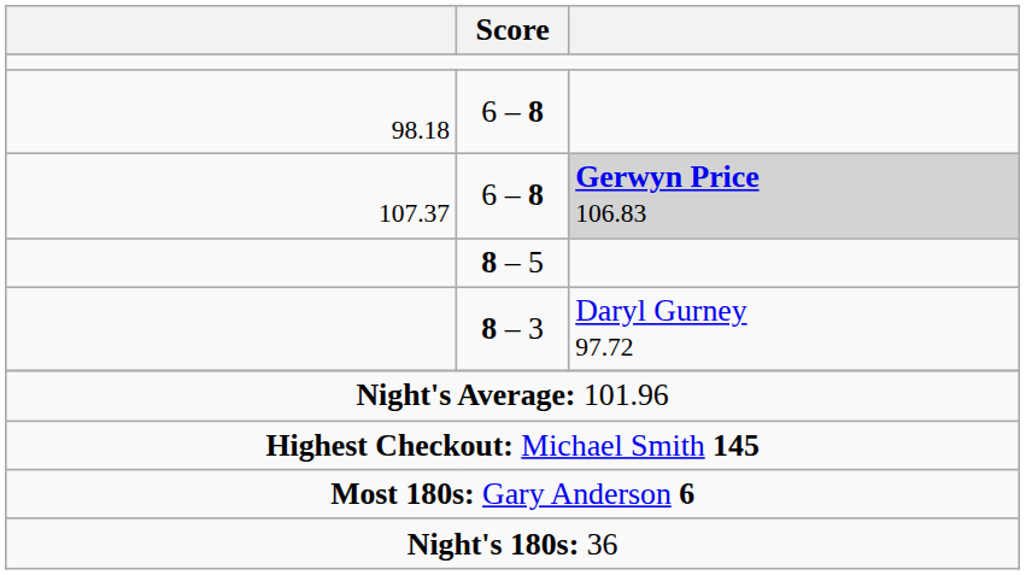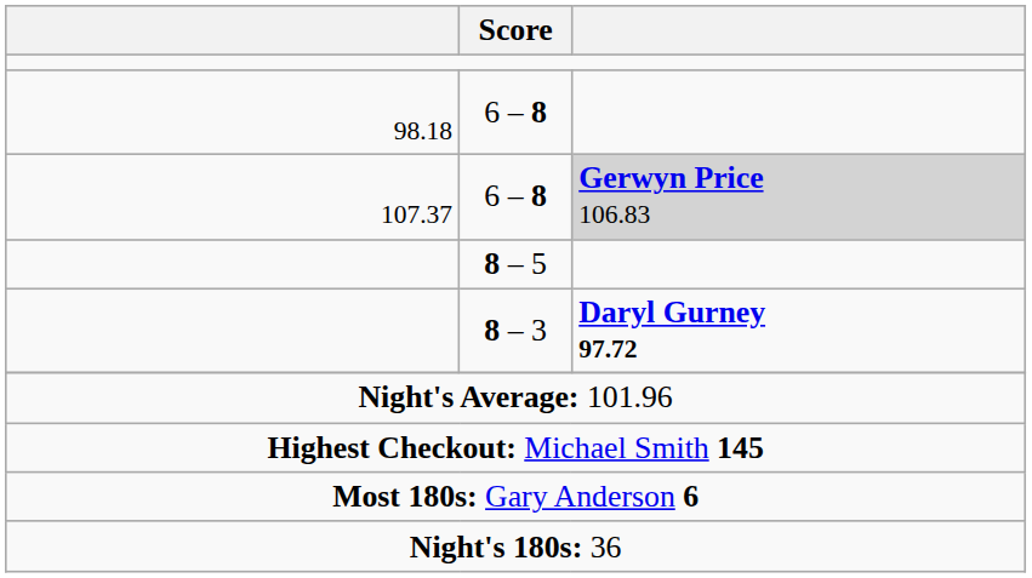 <table class=wikitable style="text-align:center">
 <tr>
 <th width=225></th>
 <th width=50>Score</th>
 <th width=225></th>
 </tr>
 <tr align=centre>
 <td colspan="3"></td>
 </tr>
 <tr align=left>
 <td align=right> <br> <small><span>98.18</span></small></td>
 <td align=center>6 – <strong>8</strong></td>
 <td></td>
 </tr>
 <tr align=left>
 <td align=right> <br> <small><span>107.37</span></small></td>
 <td align=center>6 – <strong>8</strong></td>
 <td style="background: lightgrey;"> <strong><a href='#'>Gerwyn Price</a></strong> <br> <small><span>106.83</span></small></td>
 </tr>
 <tr align=left>
 <td align=right></td>
 <td align=center><strong>8</strong> – 5</td>
 <td></td>
 </tr>
 <tr align=left>
 <td align=right></td>
 <td align=center><strong>8</strong> – 3</td>
-<td> <a href='#'>Daryl Gurney</a> <br> <small><span>97.72</span></small></td>
+<td><strong> <a href='#'>Daryl Gurney</a> <br> <small><span>97.72</span></small></strong></td>
 </tr>
 <tr align=center>
 </tr>
 <tr align=center>
 <td colspan="3"><strong>Night's Average:</strong> 101.96</td>
 </tr>
 <tr align=center>
 <td colspan="3"><strong>Highest Checkout:</strong>  <a href='#'>Michael Smith</a> <strong>145</strong></td>
 </tr>
 <tr align=center>
 <td colspan="3"><strong>Most 180s:</strong>   <a href='#'>Gary Anderson</a> <strong>6</strong></td>
 </tr>
 <tr align=center>
 <td colspan="3"><strong>Night's 180s:</strong> 36</td>
 </tr>
 </table>
